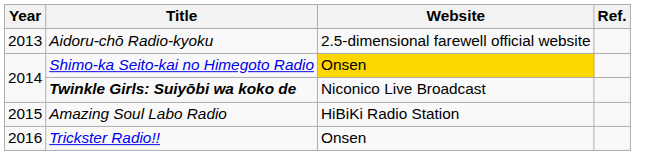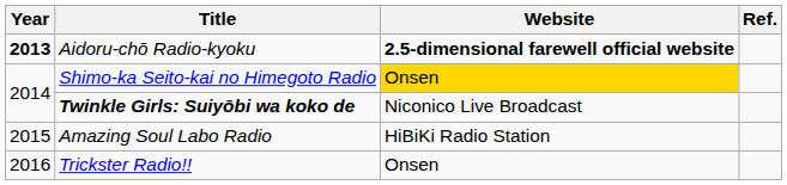 <table class="wikitable">
 <tr>
 <th>Year</th>
 <th>Title</th>
 <th>Website</th>
 <th>Ref.</th>
 </tr>
 <tr>
-<td>2013</td>
+<td><strong>2013</strong></td>
 <td><em>Aidoru-chō Radio-kyoku</em></td>
-<td>2.5-dimensional farewell official website</td>
+<td><strong>2.5-dimensional farewell official website</strong></td>
 <td></td>
 </tr>
 <tr>
 <td rowspan="2">2014</td>
 <td><em><a href='#'>Shimo-ka Seito-kai no Himegoto Radio</a></em></td>
 <td style="background: gold;">Onsen</td>
 <td></td>
 </tr>
 <tr>
 <td><strong><em>Twinkle Girls: Suiyōbi wa koko de</em></strong></td>
 <td>Niconico Live Broadcast</td>
 <td></td>
 </tr>
 <tr>
 <td>2015</td>
 <td><em>Amazing Soul Labo Radio</em></td>
 <td>HiBiKi Radio Station</td>
 <td></td>
 </tr>
 <tr>
 <td>2016</td>
 <td><em><a href='#'>Trickster Radio!!</a></em></td>
 <td>Onsen</td>
 <td></td>
 </tr>
 </table>
